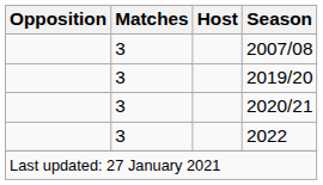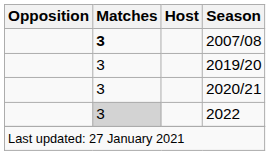 <table class="wikitable plainrowheaders sortable">
 <tr>
 <th scope=col>Opposition</th>
 <th scope=col style="text-align:center">Matches</th>
 <th scope=col>Host</th>
 <th scope=col style="text-align:center">Season</th>
 </tr>
 <tr>
 <td></td>
-<td>3</td>
+<td><strong>3</strong></td>
 <td></td>
 <td>2007/08</td>
 </tr>
 <tr>
 <td></td>
 <td>3</td>
 <td></td>
 <td>2019/20</td>
 </tr>
 <tr>
 <td></td>
 <td>3</td>
 <td></td>
 <td>2020/21</td>
 </tr>
 <tr>
 <td></td>
-<td>3</td>
+<td style="background: lightgrey;">3</td>
 <td></td>
 <td>2022</td>
 </tr>
 <tr>
 </tr>
 <tr class=sortbottom>
 <td colspan=5><small>Last updated: 27 January 2021</small></td>
 </tr>
 </table>
